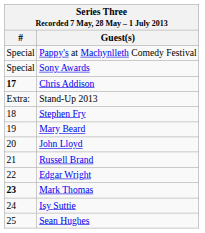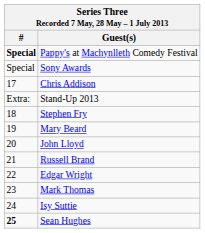 <table class="wikitable">
 <tr>
 <th colspan="3">Series Three<br><small>Recorded 7 May, 28 May – 1 July 2013</small></th>
 </tr>
 <tr>
 <th>#</th>
 <th>Guest(s)</th>
 </tr>
 <tr>
-<td>Special</td>
+<td><strong>Special</strong></td>
 <td><a href='#'>Pappy's</a> at <a href='#'>Machynlleth</a> Comedy Festival</td>
 </tr>
 <tr>
 <td>Special</td>
 <td><a href='#'>Sony Awards</a></td>
 </tr>
 <tr>
-<td><strong>17</strong></td>
+<td>17</td>
 <td><a href='#'>Chris Addison</a></td>
 </tr>
 <tr>
 <td>Extra:</td>
 <td>Stand-Up 2013</td>
 </tr>
 <tr>
 <td>18</td>
 <td><a href='#'>Stephen Fry</a></td>
 </tr>
 <tr>
 <td>19</td>
 <td><a href='#'>Mary Beard</a></td>
 </tr>
 <tr>
 <td>20</td>
 <td><a href='#'>John Lloyd</a></td>
 </tr>
 <tr>
 <td>21</td>
 <td><a href='#'>Russell Brand</a></td>
 </tr>
 <tr>
 <td>22</td>
 <td><a href='#'>Edgar Wright</a></td>
 </tr>
 <tr>
-<td><strong>23</strong></td>
+<td>23</td>
 <td><a href='#'>Mark Thomas</a></td>
 </tr>
 <tr>
 <td>24</td>
 <td><a href='#'>Isy Suttie</a></td>
 </tr>
 <tr>
-<td>25</td>
+<td><strong>25</strong></td>
 <td><a href='#'>Sean Hughes</a></td>
 </tr>
 </table>
